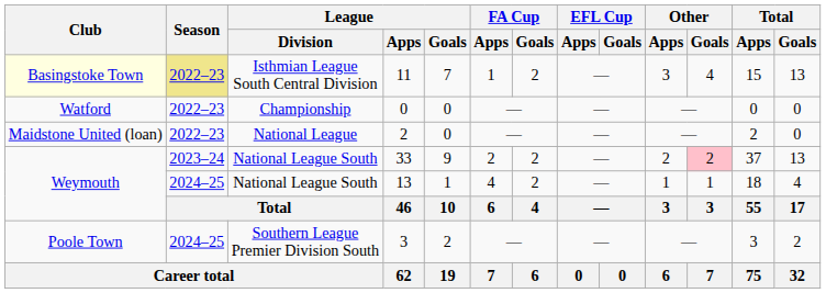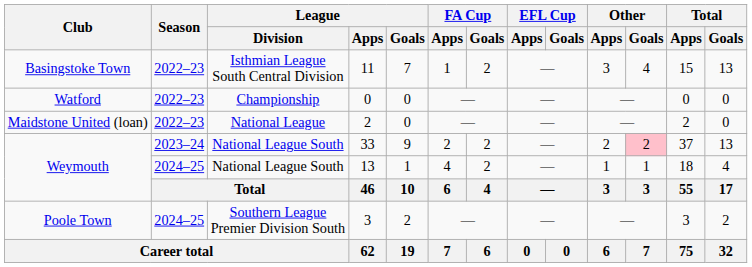 <table class=wikitable style="text-align: center">
 <tr>
 <th rowspan=2>Club</th>
 <th rowspan=2>Season</th>
 <th colspan=3>League</th>
 <th colspan=2><a href='#'>FA Cup</a></th>
 <th colspan=2><a href='#'>EFL Cup</a></th>
 <th colspan=2>Other</th>
 <th colspan=2>Total</th>
 </tr>
 <tr>
 <th>Division</th>
 <th>Apps</th>
 <th>Goals</th>
 <th>Apps</th>
 <th>Goals</th>
 <th>Apps</th>
 <th>Goals</th>
 <th>Apps</th>
 <th>Goals</th>
 <th>Apps</th>
 <th>Goals</th>
 </tr>
 <tr>
-<td style="background: lightyellow;"><a href='#'>Basingstoke Town</a></td>
-<td style="background: khaki;"><a href='#'>2022–23</a></td>
+<td><a href='#'>Basingstoke Town</a></td>
+<td><a href='#'>2022–23</a></td>
 <td><a href='#'>Isthmian League</a><br>South Central Division</td>
 <td>11</td>
 <td>7</td>
 <td>1</td>
 <td>2</td>
 <td colspan=2>—</td>
 <td>3</td>
 <td>4</td>
 <td>15</td>
 <td>13</td>
 </tr>
 <tr>
 <td><a href='#'>Watford</a></td>
 <td><a href='#'>2022–23</a></td>
 <td><a href='#'>Championship</a></td>
 <td>0</td>
 <td>0</td>
 <td colspan=2>—</td>
 <td colspan=2>—</td>
 <td colspan=2>—</td>
 <td>0</td>
 <td>0</td>
 </tr>
 <tr>
 <td><a href='#'>Maidstone United</a> (loan)</td>
 <td><a href='#'>2022–23</a></td>
 <td><a href='#'>National League</a></td>
 <td>2</td>
 <td>0</td>
 <td colspan=2>—</td>
 <td colspan=2>—</td>
 <td colspan=2>—</td>
 <td>2</td>
 <td>0</td>
 </tr>
 <tr>
 <td rowspan=3><a href='#'>Weymouth</a></td>
 <td><a href='#'>2023–24</a></td>
 <td><a href='#'>National League South</a></td>
 <td>33</td>
 <td>9</td>
 <td>2</td>
 <td>2</td>
 <td colspan=2>—</td>
 <td>2</td>
 <td style="background: pink;">2</td>
 <td>37</td>
 <td>13</td>
 </tr>
 <tr>
 <td><a href='#'>2024–25</a></td>
 <td>National League South</td>
 <td>13</td>
 <td>1</td>
 <td>4</td>
 <td>2</td>
 <td colspan=2>—</td>
 <td>1</td>
 <td>1</td>
 <td>18</td>
 <td>4</td>
 </tr>
 <tr>
 <th colspan=2>Total</th>
 <th>46</th>
 <th>10</th>
 <th>6</th>
 <th>4</th>
 <th colspan=2>—</th>
 <th>3</th>
 <th>3</th>
 <th>55</th>
 <th>17</th>
 </tr>
 <tr>
 <td><a href='#'>Poole Town</a></td>
 <td><a href='#'>2024–25</a></td>
 <td><a href='#'>Southern League</a><br>Premier Division South</td>
 <td>3</td>
 <td>2</td>
 <td colspan=2>—</td>
 <td colspan=2>—</td>
 <td colspan=2>—</td>
 <td>3</td>
 <td>2</td>
 </tr>
 <tr>
 <th colspan=3>Career total</th>
 <th>62</th>
 <th>19</th>
 <th>7</th>
 <th>6</th>
 <th>0</th>
 <th>0</th>
 <th>6</th>
 <th>7</th>
 <th>75</th>
 <th>32</th>
 </tr>
 </table>
